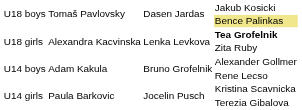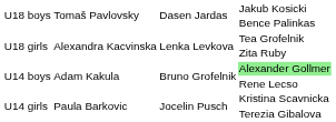 <table>
 <tr>
 <td rowspan="2">U18 boys<br></td>
 <td rowspan="2"> Tomaš Pavlovsky</td>
 <td rowspan="2"> Dasen Jardas</td>
 <td> Jakub Kosicki</td>
 </tr>
 <tr>
-<td style="background: khaki;"> Bence Palinkas</td>
+<td> Bence Palinkas</td>
 </tr>
 <tr>
 <td rowspan="2">U18 girls<br></td>
 <td rowspan="2"> Alexandra Kacvinska</td>
 <td rowspan="2"> Lenka Levkova</td>
-<td><strong> Tea Grofelnik</strong></td>
+<td> Tea Grofelnik</td>
 </tr>
 <tr>
 <td> Zita Ruby</td>
 </tr>
 <tr>
 <td rowspan="2">U14 boys<br></td>
 <td rowspan="2"> Adam Kakula</td>
 <td rowspan="2"> Bruno Grofelnik</td>
-<td> Alexander Gollmer</td>
+<td style="background: lightgreen;"> Alexander Gollmer</td>
 </tr>
 <tr>
 <td> Rene Lecso</td>
 </tr>
 <tr>
 <td rowspan="2">U14 girls<br></td>
 <td rowspan="2"> Paula Barkovic</td>
 <td rowspan="2"> Jocelin Pusch</td>
 <td> Kristina Scavnicka</td>
 </tr>
 <tr>
 <td> Terezia Gibalova</td>
 </tr>
 </table>
